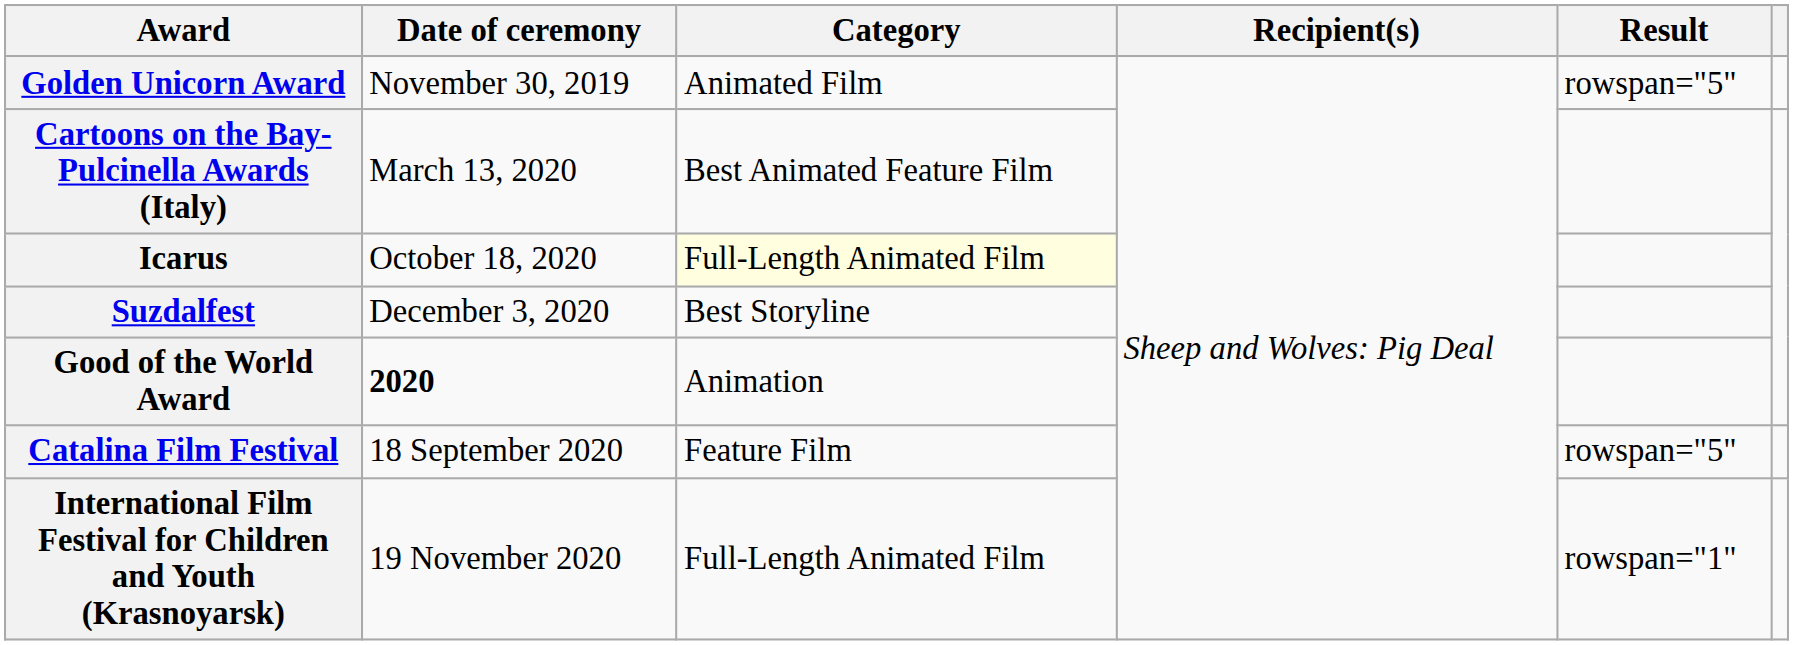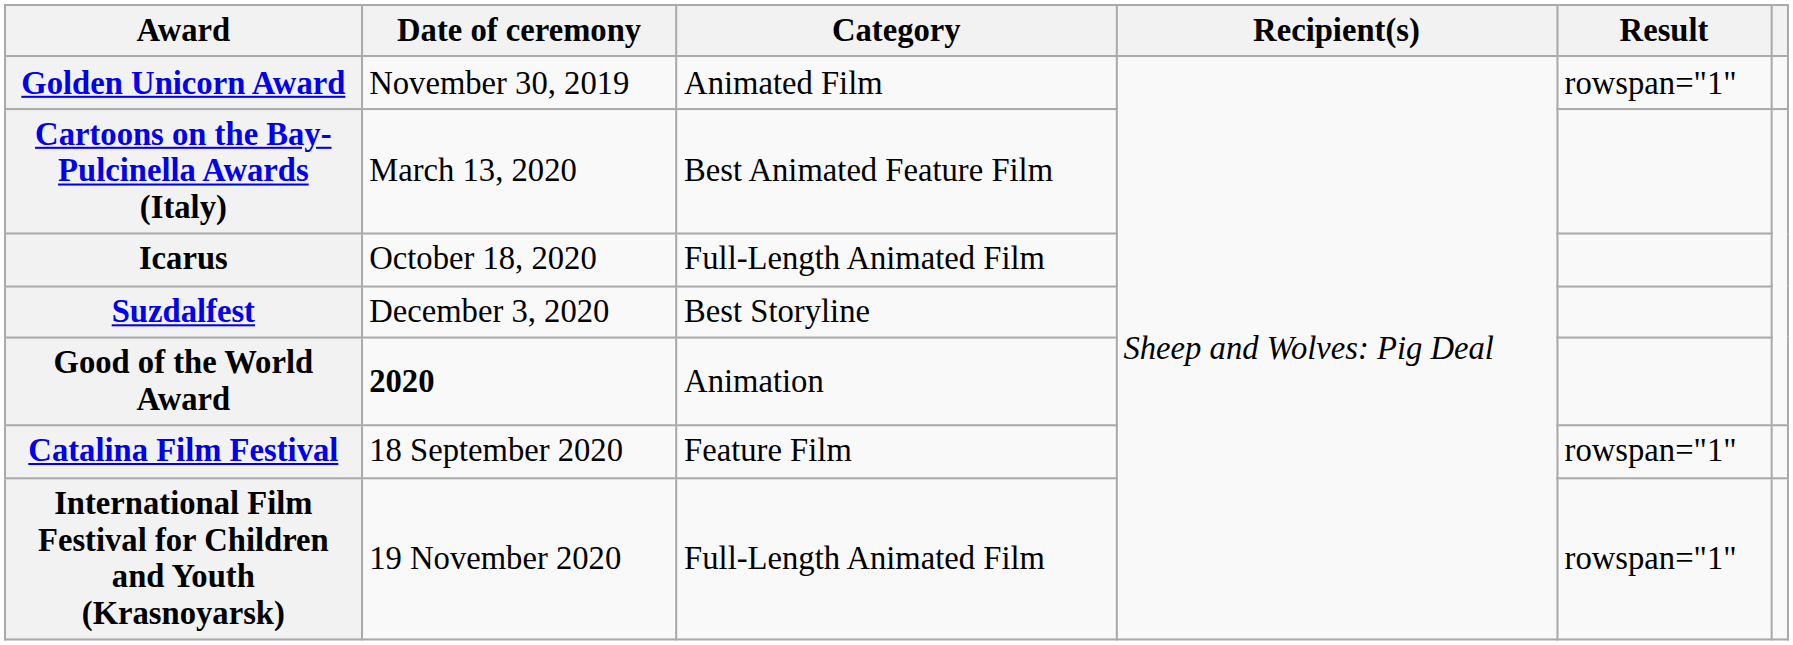 <table class="wikitable sortable plainrowheaders" style="width: 99%">
 <tr>
 <th scope="col" style="width:20%;">Award</th>
 <th scope="col">Date of ceremony</th>
 <th scope="col">Category</th>
 <th scope="col">Recipient(s)</th>
 <th scope="col">Result</th>
 <th scope="col" class="unsortable"></th>
 </tr>
 <tr>
 <th scope="row" style="text-align:center;"><a href='#'>Golden Unicorn Award</a></th>
 <td>November 30, 2019</td>
 <td>Animated Film</td>
 <td rowspan="7"><em>Sheep and Wolves: Pig Deal</em></td>
-<td>rowspan="5" </td>
+<td>rowspan="1" </td>
 <td style="text-align:center;"></td>
 </tr>
 <tr>
 <th scope="row" style="text-align:center;"><a href='#'>Cartoons on the Bay-Pulcinella Awards</a> (Italy)</th>
 <td rowspan="1">March 13, 2020</td>
 <td>Best Animated Feature Film</td>
 <td style="text-align:center;"></td>
 </tr>
 <tr>
 <th rowspan="1" scope="row" style="text-align:center;">Icarus</th>
 <td rowspan="1">October 18, 2020</td>
-<td style="background: lightyellow;">Full-Length Animated Film</td>
+<td>Full-Length Animated Film</td>
 <td rowspan="1" style="text-align:center;"></td>
 </tr>
 <tr>
 <th rowspan="1" scope="row" style="text-align:center;"><a href='#'>Suzdalfest</a></th>
 <td>December 3, 2020</td>
 <td>Best Storyline</td>
 <td rowspan="1" style="text-align:center;"></td>
 </tr>
 <tr>
 <th scope="row" style="text-align:center;">Good of the World Award</th>
 <td><strong>2020</strong></td>
 <td>Animation</td>
 <td style="text-align:center;"></td>
 </tr>
 <tr>
 <th scope="row" style="text-align:center;"><a href='#'>Catalina Film Festival</a></th>
 <td>18 September 2020</td>
 <td>Feature Film</td>
-<td>rowspan="5" </td>
+<td>rowspan="1" </td>
 <td style="text-align:center;"></td>
 </tr>
 <tr>
 <th scope="row" style="text-align:center;">International Film Festival for Children and Youth (Krasnoyarsk)</th>
 <td>19 November 2020</td>
 <td>Full-Length Animated Film</td>
 <td>rowspan="1" </td>
 <td style="text-align:center;"></td>
 </tr>
 </table>
